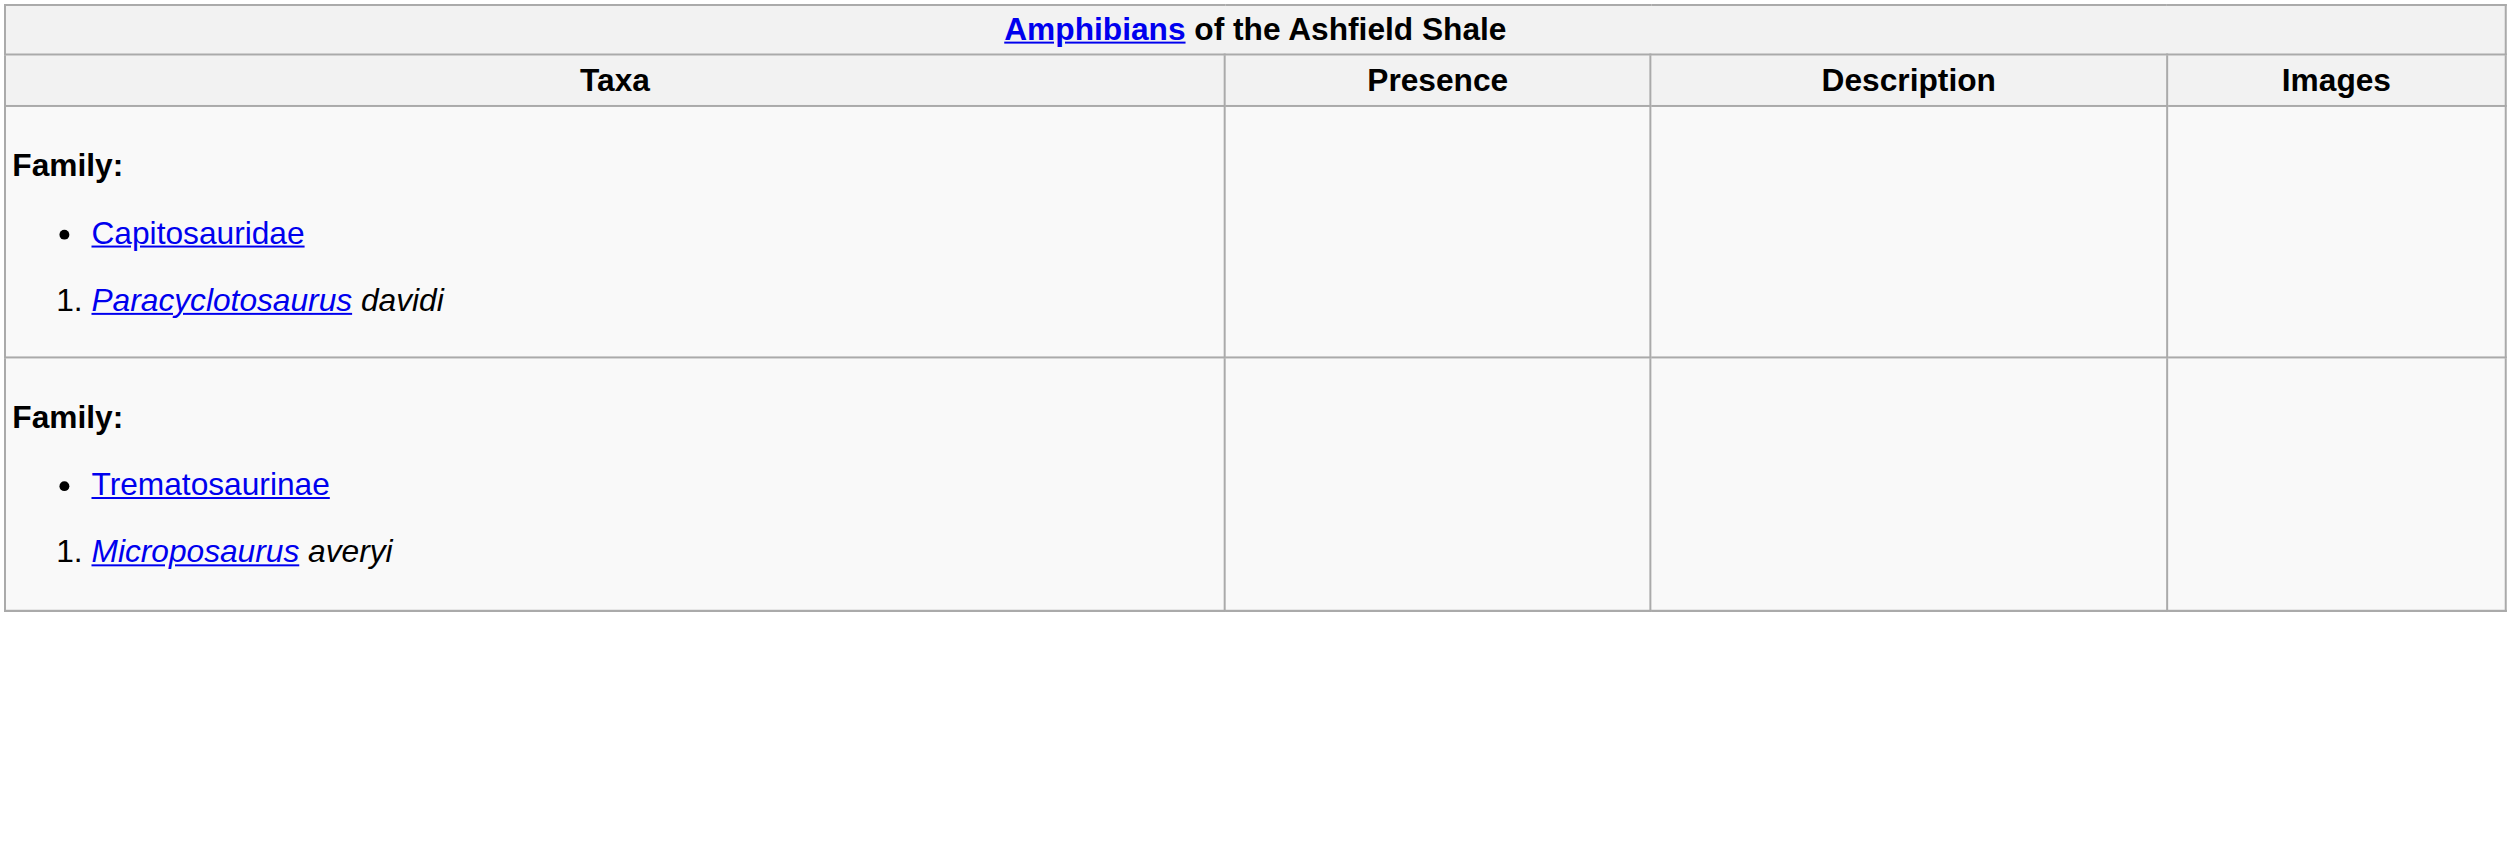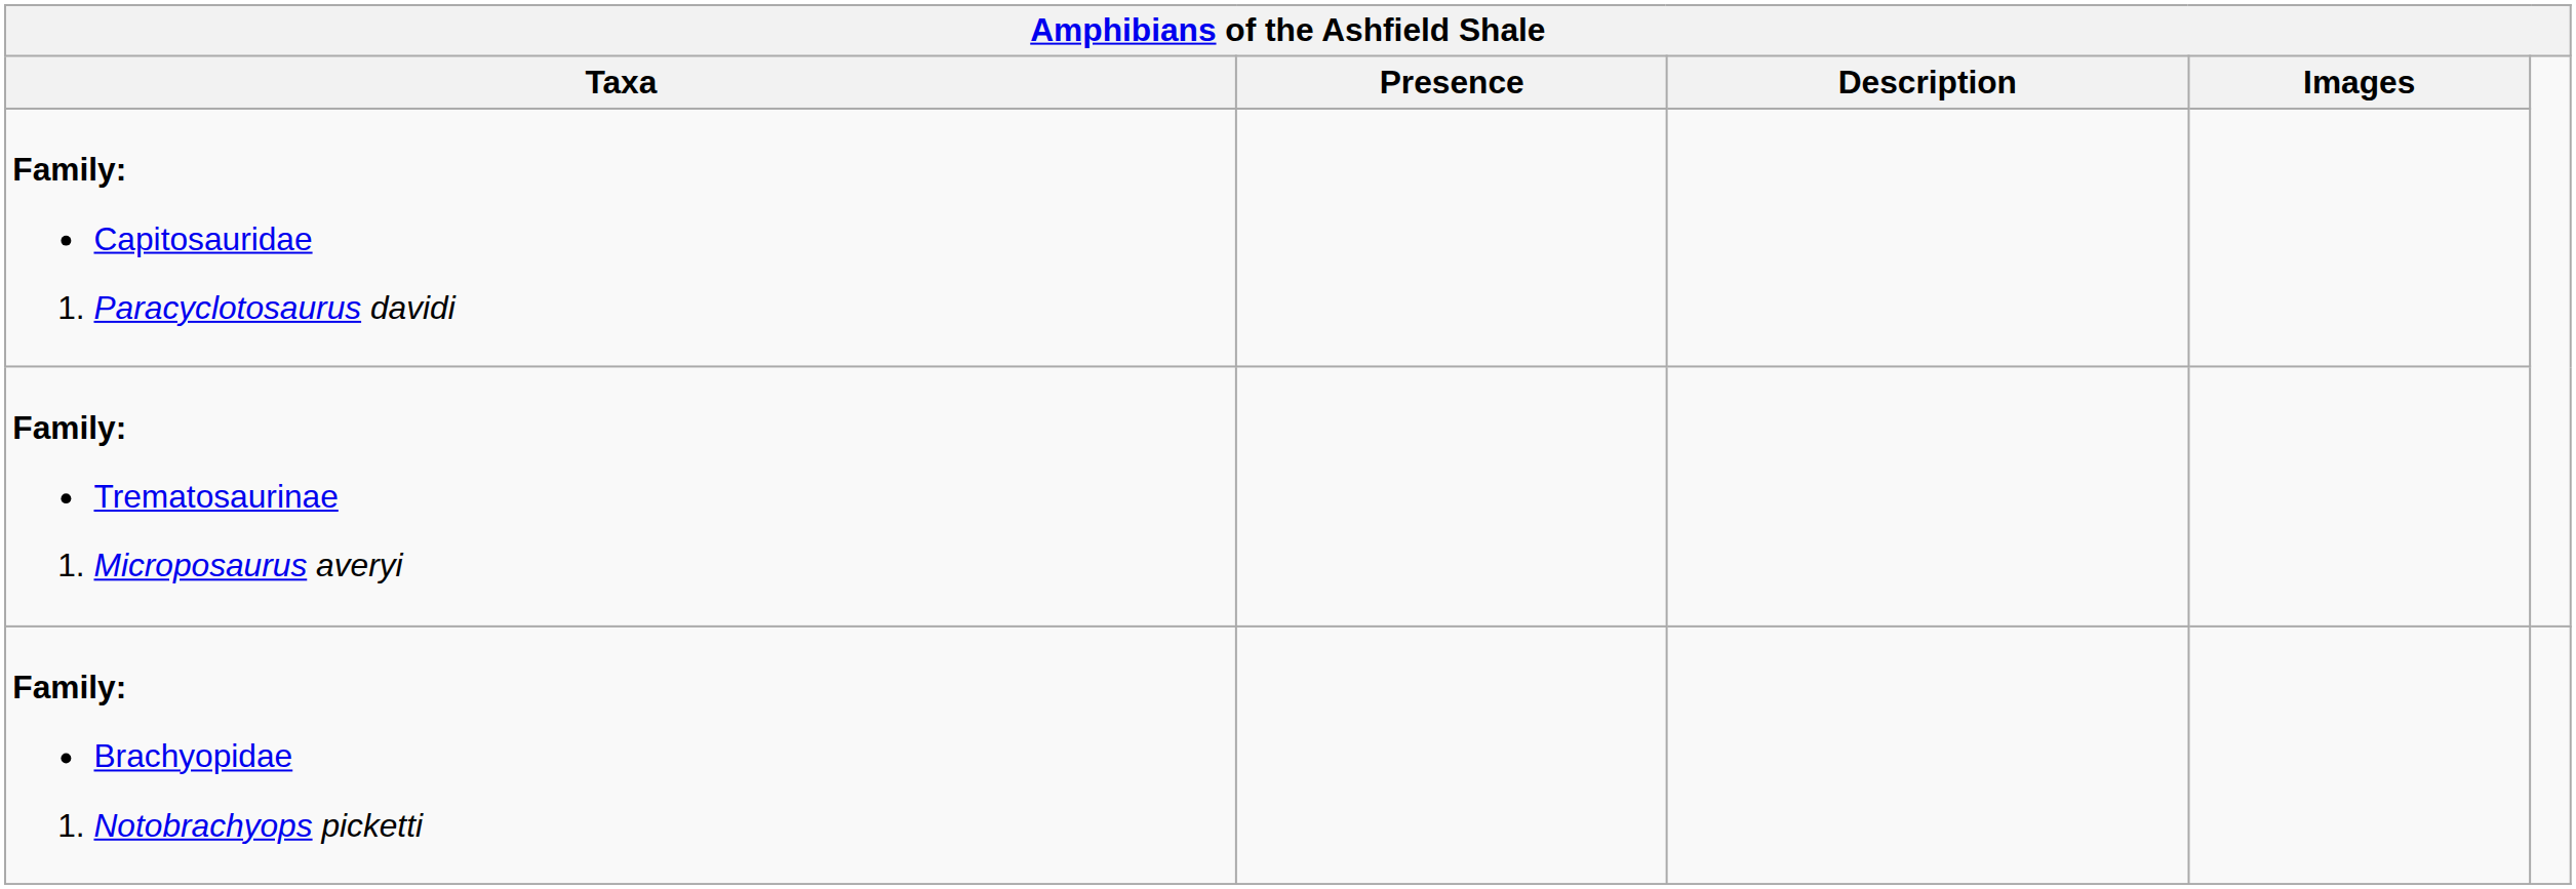 <table class="wikitable" align="center" width="100%">
 <tr>
 <th colspan="5" align="center"><strong><a href='#'>Amphibians</a> of the Ashfield Shale</strong></th>
 </tr>
 <tr>
 <th>Taxa</th>
 <th>Presence</th>
 <th>Description</th>
 <th>Images</th>
 </tr>
 <tr>
 <td><br><strong>Family:</strong><ul><li><a href='#'>Capitosauridae</a></li></ul><ol><li><em><a href='#'>Paracyclotosaurus</a> davidi</em></li></ol></td>
 <td></td>
 <td></td>
 <td><br></td>
 </tr>
 <tr>
 <td><br><strong>Family:</strong><ul><li><a href='#'>Trematosaurinae</a></li></ul><ol><li><em><a href='#'>Microposaurus</a> averyi</em></li></ol></td>
 <td></td>
 <td></td>
 <td><br></td>
 </tr>
 <tr>
+<td><br><strong>Family:</strong><ul><li><a href='#'>Brachyopidae</a></li></ul><ol><li><em><a href='#'>Notobrachyops</a> picketti</em></li></ol></td>
+<td></td>
+<td></td>
+<td></td>
+<td></td>
+</tr>
+<tr>
 </tr>
 </table>
